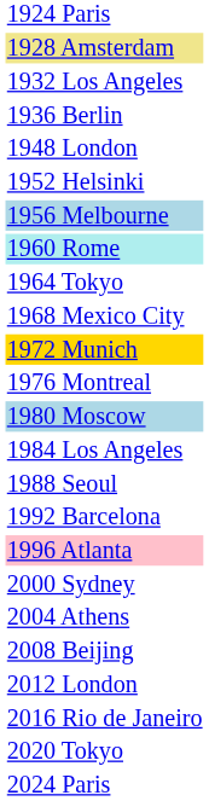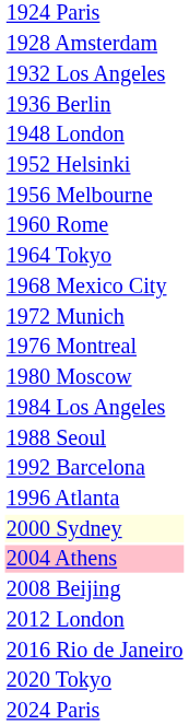 <table>
 <tr>
 <td><a href='#'>1924 Paris</a><br></td>
 <td></td>
 <td></td>
 <td></td>
 </tr>
 <tr>
-<td style="background: khaki;"><a href='#'>1928 Amsterdam</a><br></td>
+<td><a href='#'>1928 Amsterdam</a><br></td>
 <td></td>
 <td></td>
 <td></td>
 </tr>
 <tr>
 <td><a href='#'>1932 Los Angeles</a><br></td>
 <td></td>
 <td></td>
 <td></td>
 </tr>
 <tr>
 <td><a href='#'>1936 Berlin</a><br></td>
 <td></td>
 <td></td>
 <td></td>
 </tr>
 <tr>
 <td><a href='#'>1948 London</a><br></td>
 <td></td>
 <td></td>
 <td></td>
 </tr>
 <tr>
 <td><a href='#'>1952 Helsinki</a><br></td>
 <td></td>
 <td></td>
 <td></td>
 </tr>
 <tr>
-<td style="background: lightblue;"><a href='#'>1956 Melbourne</a><br></td>
+<td><a href='#'>1956 Melbourne</a><br></td>
 <td></td>
 <td></td>
 <td></td>
 </tr>
 <tr>
-<td style="background: paleturquoise;"><a href='#'>1960 Rome</a><br></td>
+<td><a href='#'>1960 Rome</a><br></td>
 <td></td>
 <td></td>
 <td></td>
 </tr>
 <tr>
 <td><a href='#'>1964 Tokyo</a><br></td>
 <td></td>
 <td></td>
 <td></td>
 </tr>
 <tr>
 <td><a href='#'>1968 Mexico City</a><br></td>
 <td></td>
 <td></td>
 <td></td>
 </tr>
 <tr>
-<td style="background: gold;"><a href='#'>1972 Munich</a><br></td>
+<td><a href='#'>1972 Munich</a><br></td>
 <td></td>
 <td></td>
 <td></td>
 </tr>
 <tr>
 <td><a href='#'>1976 Montreal</a><br></td>
 <td></td>
 <td></td>
 <td></td>
 </tr>
 <tr>
-<td style="background: lightblue;"><a href='#'>1980 Moscow</a><br></td>
+<td><a href='#'>1980 Moscow</a><br></td>
 <td></td>
 <td></td>
 <td></td>
 </tr>
 <tr>
 <td><a href='#'>1984 Los Angeles</a><br></td>
 <td></td>
 <td></td>
 <td></td>
 </tr>
 <tr>
 <td><a href='#'>1988 Seoul</a><br></td>
 <td></td>
 <td></td>
 <td></td>
 </tr>
 <tr>
 <td><a href='#'>1992 Barcelona</a><br></td>
 <td></td>
 <td></td>
 <td></td>
 </tr>
 <tr>
-<td style="background: pink;"><a href='#'>1996 Atlanta</a><br></td>
+<td><a href='#'>1996 Atlanta</a><br></td>
 <td></td>
 <td></td>
 <td></td>
 </tr>
 <tr>
-<td><a href='#'>2000 Sydney</a><br></td>
+<td style="background: lightyellow;"><a href='#'>2000 Sydney</a><br></td>
 <td></td>
 <td></td>
 <td></td>
 </tr>
 <tr>
-<td><a href='#'>2004 Athens</a><br></td>
+<td style="background: pink;"><a href='#'>2004 Athens</a><br></td>
 <td></td>
 <td></td>
 <td></td>
 </tr>
 <tr>
 <td rowspan=2><a href='#'>2008 Beijing</a><br></td>
 <td rowspan=2></td>
 <td rowspan=2></td>
 <td></td>
 </tr>
 <tr>
 <td></td>
 </tr>
 <tr>
 <td rowspan=2><a href='#'>2012 London</a><br></td>
 <td rowspan=2></td>
 <td rowspan=2></td>
 <td></td>
 </tr>
 <tr>
 <td></td>
 </tr>
 <tr>
 <td rowspan=2><a href='#'>2016 Rio de Janeiro</a><br></td>
 <td rowspan=2></td>
 <td rowspan=2></td>
 <td></td>
 </tr>
 <tr>
 <td></td>
 </tr>
 <tr>
 <td rowspan=2><a href='#'>2020 Tokyo</a><br></td>
 <td rowspan=2></td>
 <td rowspan=2></td>
 <td></td>
 </tr>
 <tr>
 <td></td>
 </tr>
 <tr>
 <td rowspan=2><a href='#'>2024 Paris</a><br></td>
 <td rowspan=2></td>
 <td rowspan=2></td>
 <td></td>
 </tr>
 <tr>
 <td></td>
 </tr>
 </table>
